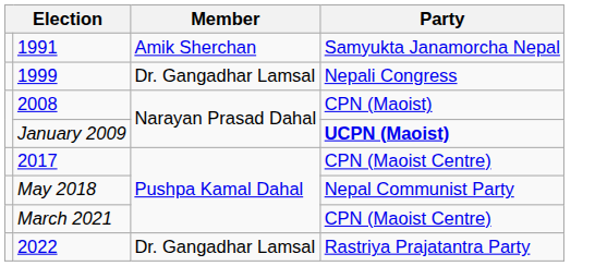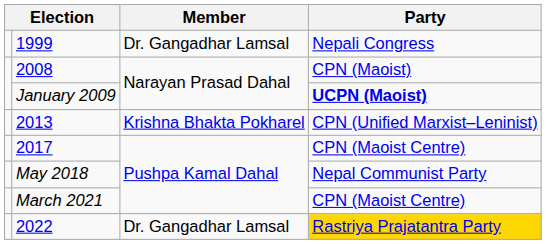 <table class="wikitable">
 <tr>
 <th colspan="2">Election</th>
 <th>Member</th>
 <th>Party</th>
-</tr>
-<tr>
-<td></td>
-<td><a href='#'>1991</a></td>
-<td><a href='#'>Amik Sherchan</a></td>
-<td><a href='#'>Samyukta Janamorcha Nepal</a></td>
 </tr>
 <tr>
 <td style="background-color:"></td>
 <td><a href='#'>1999</a></td>
 <td>Dr. Gangadhar Lamsal</td>
 <td><a href='#'>Nepali Congress</a></td>
 </tr>
 <tr>
 <td rowspan="2"></td>
 <td><a href='#'>2008</a></td>
 <td rowspan="2">Narayan Prasad Dahal</td>
 <td><a href='#'>CPN (Maoist)</a></td>
 </tr>
 <tr>
 <td><em>January 2009</em></td>
 <td><strong><a href='#'>UCPN (Maoist)</a></strong></td>
+</tr>
+<tr>
+<td style="background-color:"></td>
+<td><a href='#'>2013</a></td>
+<td><a href='#'>Krishna Bhakta Pokharel</a></td>
+<td><a href='#'>CPN (Unified Marxist–Leninist)</a></td>
 </tr>
 <tr>
 <td></td>
 <td><a href='#'>2017</a></td>
 <td rowspan="3"><a href='#'>Pushpa Kamal Dahal</a></td>
 <td><a href='#'>CPN (Maoist Centre)</a></td>
 </tr>
 <tr>
 <td></td>
 <td><em>May 2018</em></td>
 <td><a href='#'>Nepal Communist Party</a></td>
 </tr>
 <tr>
 <td></td>
 <td><em>March 2021</em></td>
 <td><a href='#'>CPN (Maoist Centre)</a></td>
 </tr>
 <tr>
 <td></td>
 <td><a href='#'>2022</a></td>
 <td>Dr. Gangadhar Lamsal</td>
-<td><a href='#'>Rastriya Prajatantra Party</a></td>
+<td style="background: gold;"><a href='#'>Rastriya Prajatantra Party</a></td>
 </tr>
 </table>
